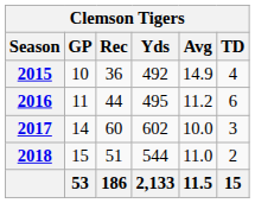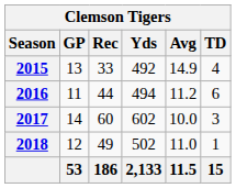 <table class="wikitable" style="text-align: center">
 <tr>
 <th colspan="7">Clemson Tigers</th>
 </tr>
 <tr>
 <th>Season</th>
 <th>GP</th>
 <th>Rec</th>
 <th>Yds</th>
 <th>Avg</th>
 <th>TD</th>
 </tr>
 <tr>
 <th><a href='#'>2015</a></th>
-<td>10</td>
-<td>36</td>
+<td>13</td>
+<td>33</td>
 <td>492</td>
 <td>14.9</td>
 <td>4</td>
 </tr>
 <tr>
 <th><a href='#'>2016</a></th>
 <td>11</td>
 <td>44</td>
-<td>495</td>
+<td>494</td>
 <td>11.2</td>
 <td>6</td>
 </tr>
 <tr>
 <th><a href='#'>2017</a></th>
 <td>14</td>
 <td>60</td>
 <td>602</td>
 <td>10.0</td>
 <td>3</td>
 </tr>
 <tr>
 <th><a href='#'>2018</a></th>
-<td>15</td>
-<td>51</td>
-<td>544</td>
+<td>12</td>
+<td>49</td>
+<td>502</td>
 <td>11.0</td>
-<td>2</td>
+<td>1</td>
 </tr>
 <tr>
 <th></th>
 <th>53</th>
 <th>186</th>
 <th>2,133</th>
 <th>11.5</th>
 <th>15</th>
 </tr>
 </table>
